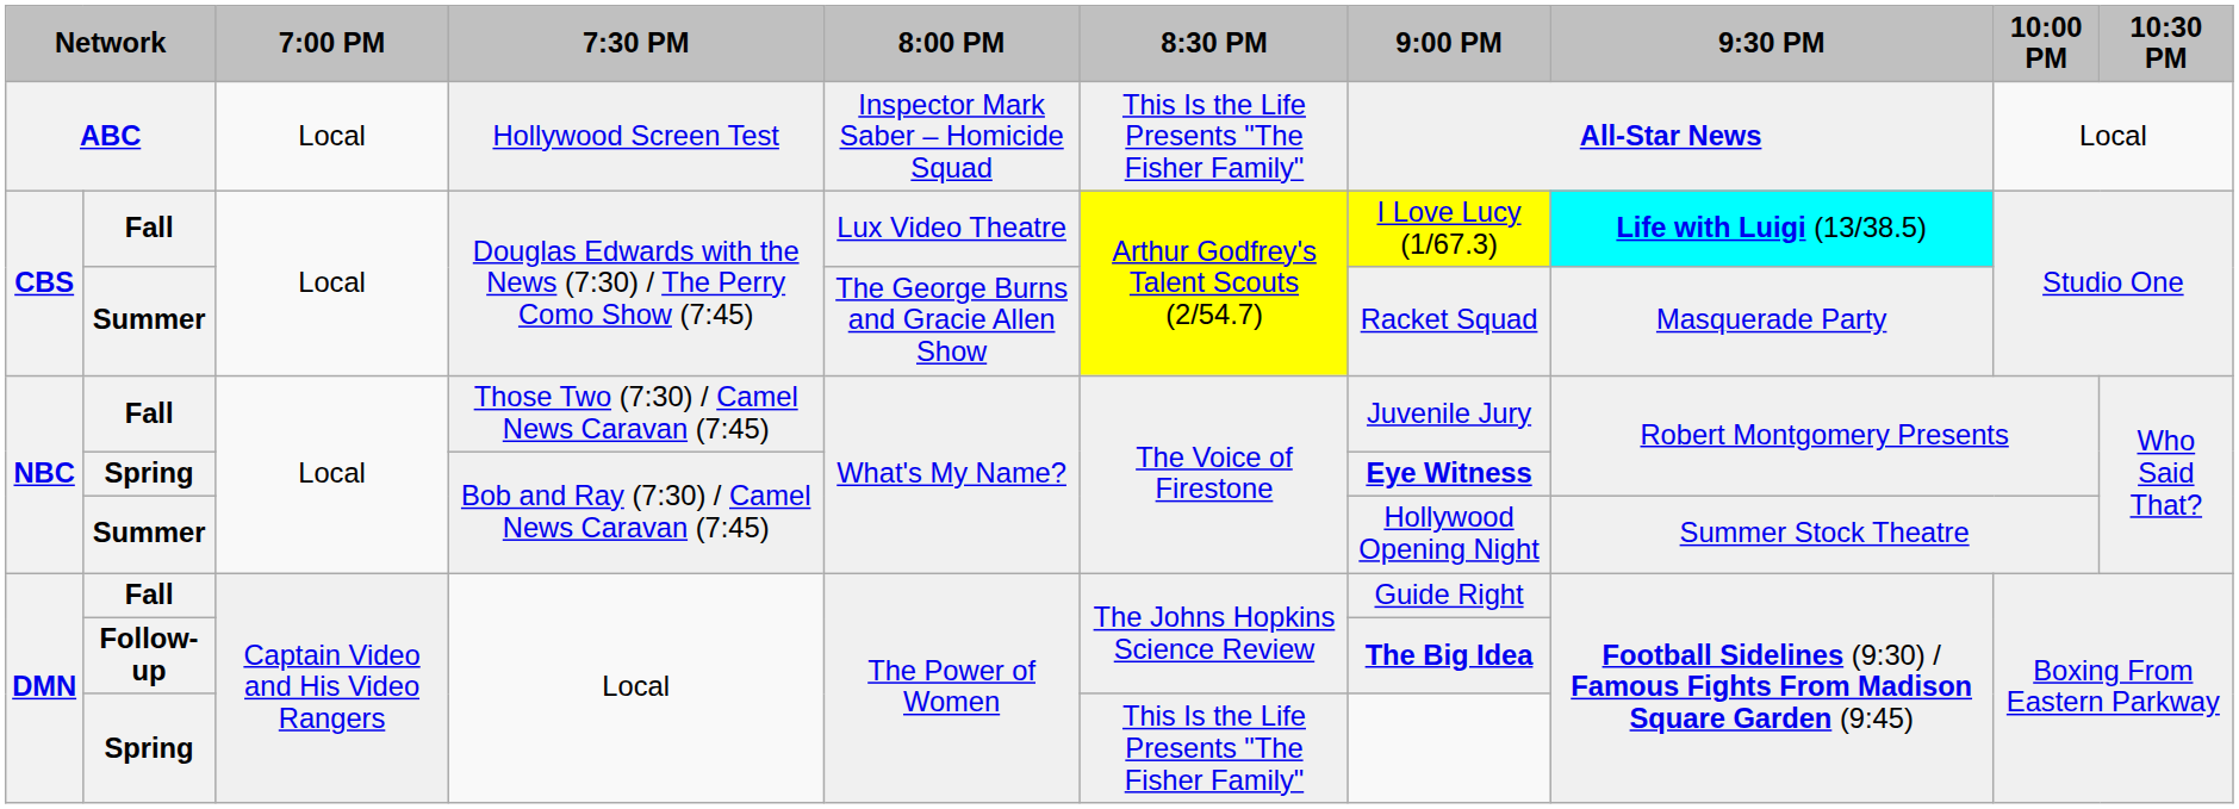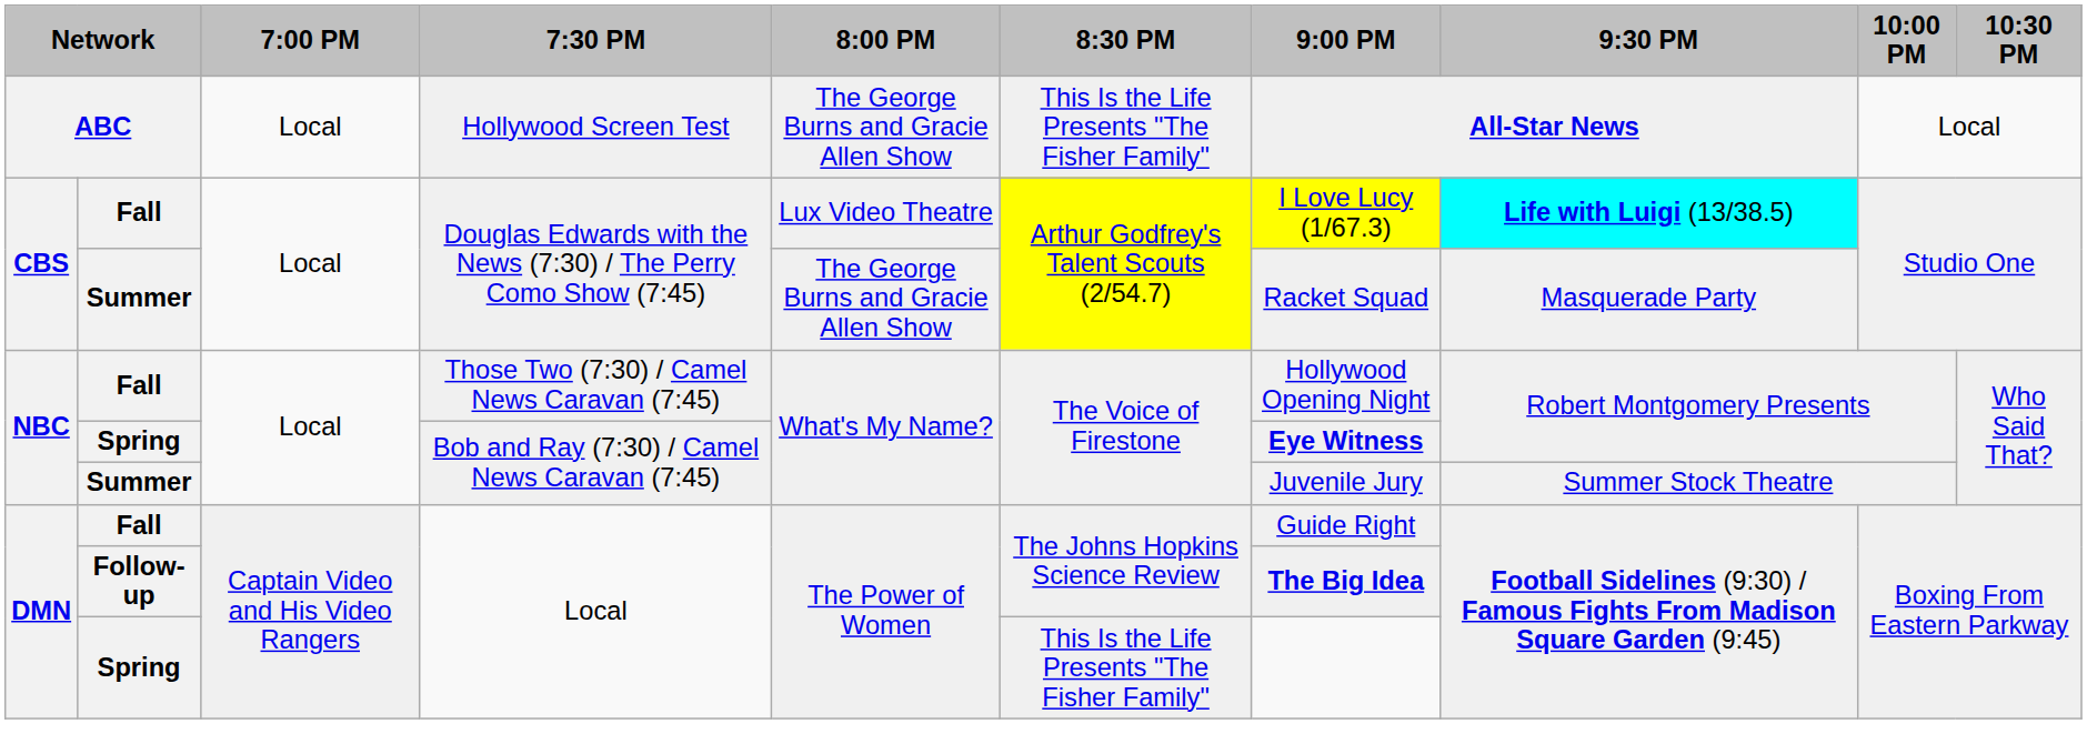 <table class="wikitable" style="width:100%;margin-right:0;text-align:center">
 <tr>
 <th colspan="2" style="background-color:#C0C0C0;text-align:center">Network</th>
 <th style="background-color:#C0C0C0;text-align:center">7:00 PM</th>
 <th style="background-color:#C0C0C0;text-align:center">7:30 PM</th>
 <th style="background-color:#C0C0C0;text-align:center">8:00 PM</th>
 <th style="background-color:#C0C0C0;text-align:center">8:30 PM</th>
 <th style="background-color:#C0C0C0;text-align:center">9:00 PM</th>
 <th style="background-color:#C0C0C0;text-align:center">9:30 PM</th>
 <th style="background-color:#C0C0C0;text-align:center">10:00 PM</th>
 <th style="background-color:#C0C0C0;text-align:center">10:30 PM</th>
 </tr>
 <tr>
 <th colspan="2" bgcolor="#C0C0C0"><a href='#'>ABC</a></th>
 <td>Local</td>
 <td bgcolor="#F0F0F0"><a href='#'>Hollywood Screen Test</a></td>
-<td bgcolor="#F0F0F0"><a href='#'>Inspector Mark Saber – Homicide Squad</a></td>
+<td bgcolor="#F0F0F0"><a href='#'>The George Burns and Gracie Allen Show</a></td>
 <td bgcolor="#F0F0F0"><a href='#'>This Is the Life Presents "The Fisher Family"</a></td>
 <td colspan="2" bgcolor="#F0F0F0"><strong><a href='#'>All-Star News</a></strong></td>
 <td colspan="2">Local</td>
 </tr>
 <tr>
 <th rowspan="2" bgcolor="#C0C0C0"><a href='#'>CBS</a></th>
 <th>Fall</th>
 <td rowspan="2">Local</td>
 <td rowspan="2" bgcolor="#F0F0F0"><a href='#'>Douglas Edwards with the News</a> (7:30) / <a href='#'>The Perry Como Show</a> (7:45)</td>
 <td bgcolor="#F0F0F0"><a href='#'>Lux Video Theatre</a></td>
 <td rowspan="2" bgcolor="#FFFF00"><a href='#'>Arthur Godfrey's Talent Scouts</a> (2/54.7)</td>
 <td bgcolor="#FFFF00"><a href='#'>I Love Lucy</a> (1/67.3)</td>
 <td bgcolor="#00FFFF"><strong><a href='#'>Life with Luigi</a></strong> (13/38.5)</td>
 <td rowspan="2" colspan="2" bgcolor="#F0F0F0"><a href='#'>Studio One</a></td>
 </tr>
 <tr>
 <th>Summer</th>
 <td bgcolor="#F0F0F0"><a href='#'>The George Burns and Gracie Allen Show</a></td>
 <td bgcolor="#F0F0F0"><a href='#'>Racket Squad</a></td>
 <td bgcolor="#F0F0F0"><a href='#'>Masquerade Party</a></td>
 </tr>
 <tr>
 <th rowspan="3" bgcolor="#C0C0C0"><a href='#'>NBC</a></th>
 <th>Fall</th>
 <td rowspan="3">Local</td>
 <td bgcolor="#F0F0F0"><a href='#'>Those Two</a> (7:30) / <a href='#'>Camel News Caravan</a> (7:45)</td>
 <td rowspan="3" bgcolor="#F0F0F0"><a href='#'>What's My Name?</a></td>
 <td rowspan="3" bgcolor="#F0F0F0"><a href='#'>The Voice of Firestone</a></td>
-<td bgcolor="#F0F0F0"><a href='#'>Juvenile Jury</a></td>
+<td bgcolor="#F0F0F0"><a href='#'>Hollywood Opening Night</a></td>
 <td colspan="2" rowspan="2" bgcolor="#F0F0F0"><a href='#'>Robert Montgomery Presents</a></td>
 <td rowspan="3" bgcolor="#F0F0F0"><a href='#'>Who Said That?</a></td>
 </tr>
 <tr>
 <th>Spring</th>
 <td rowspan="2" bgcolor="#F0F0F0"><a href='#'>Bob and Ray</a> (7:30) / <a href='#'>Camel News Caravan</a> (7:45)</td>
 <td bgcolor="#F0F0F0"><strong><a href='#'>Eye Witness</a></strong></td>
 </tr>
 <tr>
 <th>Summer</th>
-<td bgcolor="#F0F0F0"><a href='#'>Hollywood Opening Night</a></td>
+<td bgcolor="#F0F0F0"><a href='#'>Juvenile Jury</a></td>
 <td colspan="2" bgcolor="#F0F0F0"><a href='#'>Summer Stock Theatre</a></td>
 </tr>
 <tr>
 <th rowspan="3" bgcolor="#C0C0C0"><a href='#'>DMN</a></th>
 <th>Fall</th>
 <td bgcolor="#F0F0F0" rowspan="3"><a href='#'>Captain Video and His Video Rangers</a></td>
 <td rowspan="3">Local</td>
 <td bgcolor="#F0F0F0" rowspan="3"><a href='#'>The Power of Women</a></td>
 <td bgcolor="#F0F0F0" rowspan="2"><a href='#'>The Johns Hopkins Science Review</a></td>
 <td bgcolor="#F0F0F0"><a href='#'>Guide Right</a></td>
 <td bgcolor="#F0F0F0" rowspan="3"><strong><a href='#'>Football Sidelines</a></strong> (9:30) / <strong><a href='#'>Famous Fights From Madison Square Garden</a></strong> (9:45)</td>
 <td colspan="4" bgcolor="#F0F0F0" rowspan="3"><a href='#'>Boxing From Eastern Parkway</a></td>
 </tr>
 <tr>
 <th>Follow-up</th>
 <td bgcolor="#F0F0F0"><strong><a href='#'>The Big Idea</a></strong></td>
 </tr>
 <tr>
 <th>Spring</th>
 <td bgcolor="#F0F0F0"><a href='#'>This Is the Life Presents "The Fisher Family"</a></td>
 <td></td>
 </tr>
 </table>
